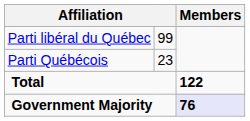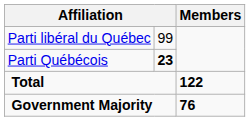 <table class="wikitable">
 <tr>
 <th colspan="2">Affiliation</th>
 <th>Members</th>
 </tr>
 <tr>
 <td align=left><a href='#'>Parti libéral du Québec</a></td>
 <td>99</td>
 </tr>
 <tr>
 <td align=left><a href='#'>Parti Québécois</a></td>
-<td>23</td>
+<td><strong>23</strong></td>
 </tr>
 <tr>
 <td colspan="2" style="text-align:left;"> <strong>Total</strong><br></td>
 <td><strong>122</strong></td>
 </tr>
 <tr>
 <td colspan="2" style="text-align:left;"> <strong>Government Majority</strong><br></td>
-<td style="background: lavender;"><strong>76</strong></td>
+<td><strong>76</strong></td>
 </tr>
 </table>
